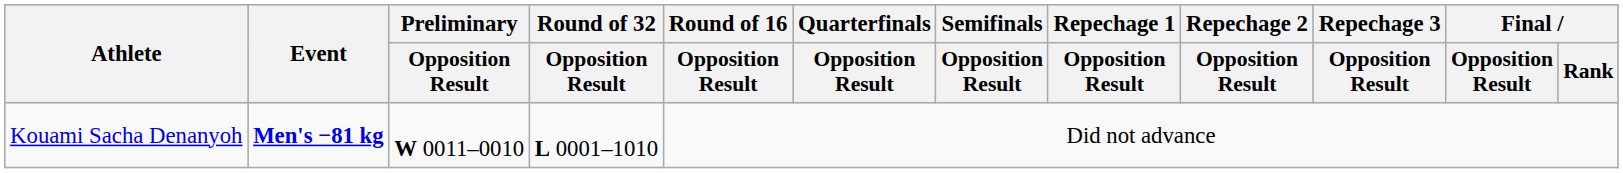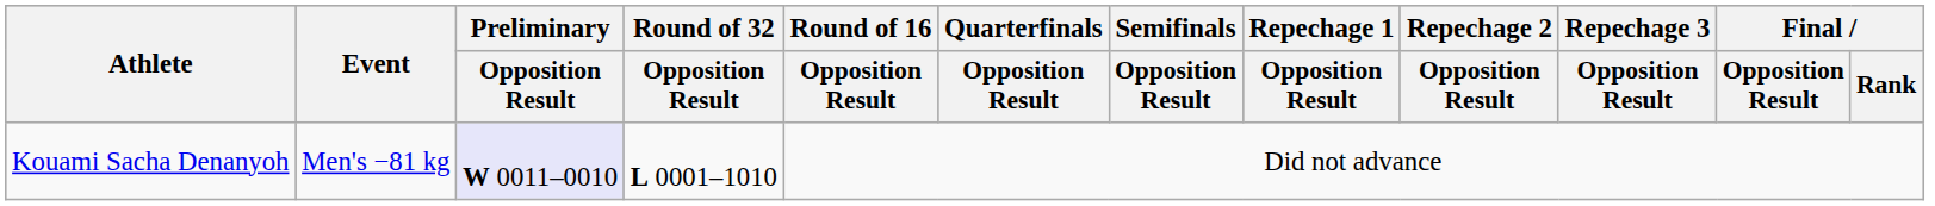 <table class="wikitable" style="font-size:90%">
 <tr>
 <th rowspan="2">Athlete</th>
 <th rowspan="2">Event</th>
 <th>Preliminary</th>
 <th>Round of 32</th>
 <th>Round of 16</th>
 <th>Quarterfinals</th>
 <th>Semifinals</th>
 <th>Repechage 1</th>
 <th>Repechage 2</th>
 <th>Repechage 3</th>
 <th colspan=2>Final / </th>
 </tr>
 <tr style="font-size:95%">
 <th>Opposition<br>Result</th>
 <th>Opposition<br>Result</th>
 <th>Opposition<br>Result</th>
 <th>Opposition<br>Result</th>
 <th>Opposition<br>Result</th>
 <th>Opposition<br>Result</th>
 <th>Opposition<br>Result</th>
 <th>Opposition<br>Result</th>
 <th>Opposition<br>Result</th>
 <th>Rank</th>
 </tr>
 <tr align=center>
 <td align=left><a href='#'>Kouami Sacha Denanyoh</a></td>
-<td align=left><strong><a href='#'>Men's −81 kg</a></strong></td>
-<td><br><strong>W</strong> 0011–0010</td>
+<td align=left><a href='#'>Men's −81 kg</a></td>
+<td style="background: lavender;"><br><strong>W</strong> 0011–0010</td>
 <td><br><strong>L</strong> 0001–1010</td>
 <td colspan=8>Did not advance</td>
 </tr>
 </table>
